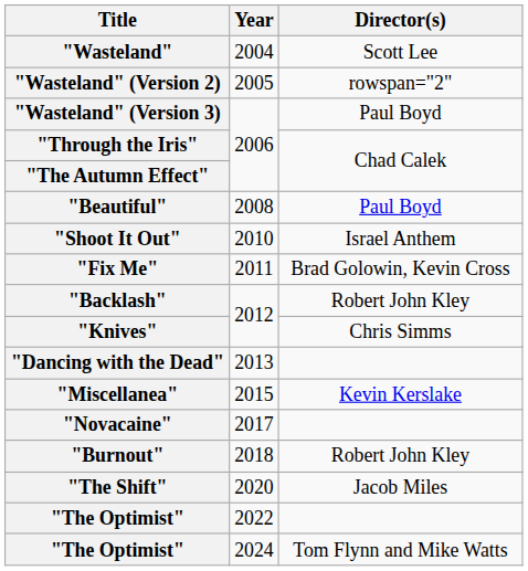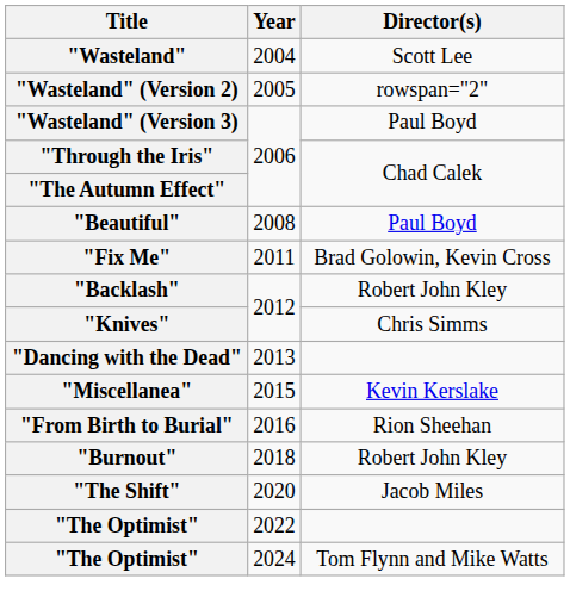 <table class="wikitable plainrowheaders" style="text-align:center;">
 <tr>
 <th scope="col" style="width:11em;">Title</th>
 <th scope="col">Year</th>
 <th scope="col" style="width:12em;">Director(s)</th>
 </tr>
 <tr>
 <th scope="row">"Wasteland"</th>
 <td>2004</td>
 <td>Scott Lee</td>
 </tr>
 <tr>
 <th scope="row">"Wasteland" (Version 2)</th>
 <td>2005</td>
 <td>rowspan="2" </td>
 </tr>
 <tr>
 <th scope="row">"Wasteland" (Version 3)</th>
 <td rowspan="3">2006</td>
 <td>Paul Boyd</td>
 </tr>
 <tr>
 <th scope="row">"Through the Iris"</th>
 <td rowspan="2">Chad Calek</td>
 </tr>
 <tr>
 <th scope="row">"The Autumn Effect"</th>
 </tr>
 <tr>
 <th scope="row">"Beautiful"</th>
 <td>2008</td>
 <td><a href='#'>Paul Boyd</a></td>
 </tr>
 <tr>
-<th scope="row">"Shoot It Out"</th>
-<td>2010</td>
-<td>Israel Anthem</td>
-</tr>
-<tr>
 <th scope="row">"Fix Me"</th>
 <td>2011</td>
 <td>Brad Golowin, Kevin Cross</td>
 </tr>
 <tr>
 <th scope="row">"Backlash"</th>
 <td rowspan="2">2012</td>
 <td>Robert John Kley</td>
 </tr>
 <tr>
 <th scope="row">"Knives"</th>
 <td>Chris Simms</td>
 </tr>
 <tr>
 <th scope="row">"Dancing with the Dead"</th>
 <td>2013</td>
 </tr>
 <tr>
 <th scope="row">"Miscellanea"</th>
 <td>2015</td>
 <td><a href='#'>Kevin Kerslake</a></td>
 </tr>
 <tr>
-<th scope="row">"Novacaine"</th>
-<td>2017</td>
-<td></td>
+<th scope="row">"From Birth to Burial"</th>
+<td>2016</td>
+<td>Rion Sheehan</td>
 </tr>
 <tr>
 <th scope="row">"Burnout"</th>
 <td>2018</td>
 <td>Robert John Kley</td>
 </tr>
 <tr>
 <th scope="row">"The Shift"</th>
 <td>2020</td>
 <td>Jacob Miles</td>
 </tr>
 <tr>
 <th scope="row">"The Optimist"</th>
 <td>2022</td>
 <td></td>
 </tr>
 <tr>
 <th scope="row">"The Optimist" </th>
 <td>2024</td>
 <td>Tom Flynn and Mike Watts</td>
 </tr>
 </table>
